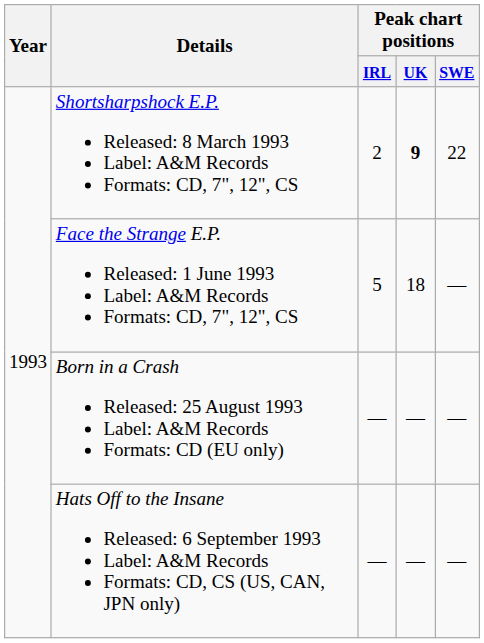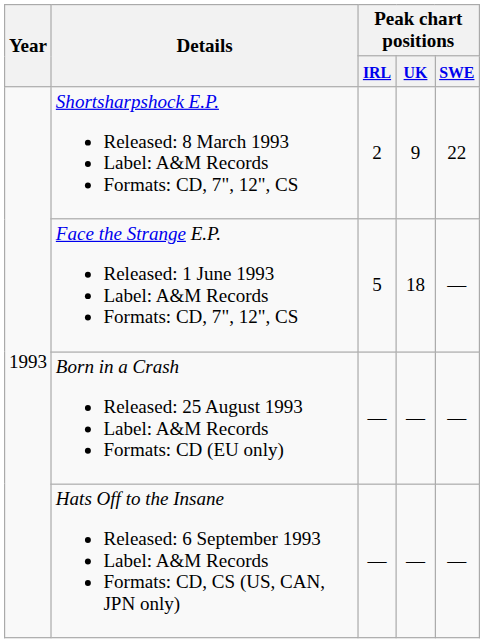 <table class="wikitable">
 <tr>
 <th rowspan="2">Year</th>
 <th rowspan="2" style="width:250px;">Details</th>
 <th colspan="3">Peak chart positions</th>
 </tr>
 <tr>
 <th width="25"><small><a href='#'>IRL</a><br></small></th>
 <th width="25"><small><a href='#'>UK</a><br></small></th>
 <th width="25"><small><a href='#'>SWE</a><br></small></th>
 </tr>
 <tr>
 <td rowspan="4">1993</td>
 <td><em><a href='#'>Shortsharpshock E.P.</a></em><br><ul><li>Released: 8 March 1993</li><li>Label: A&M Records</li><li>Formats: CD, 7", 12", CS</li></ul></td>
 <td style="text-align:center;">2</td>
-<td style="text-align:center;"><strong>9</strong></td>
+<td style="text-align:center;">9</td>
 <td style="text-align:center;">22</td>
 </tr>
 <tr>
 <td><em><a href='#'>Face the Strange</a> E.P.</em><br><ul><li>Released: 1 June 1993</li><li>Label: A&M Records</li><li>Formats: CD, 7", 12", CS</li></ul></td>
 <td style="text-align:center;">5</td>
 <td style="text-align:center;">18</td>
 <td style="text-align:center;">—</td>
 </tr>
 <tr>
 <td><em>Born in a Crash</em><br><ul><li>Released: 25 August 1993</li><li>Label: A&M Records</li><li>Formats: CD (EU only)</li></ul></td>
 <td style="text-align:center;">—</td>
 <td style="text-align:center;">—</td>
 <td style="text-align:center;">—</td>
 </tr>
 <tr>
 <td><em>Hats Off to the Insane</em><br><ul><li>Released: 6 September 1993</li><li>Label: A&M Records</li><li>Formats: CD, CS (US, CAN, JPN only)</li></ul></td>
 <td style="text-align:center;">—</td>
 <td style="text-align:center;">—</td>
 <td style="text-align:center;">—</td>
 </tr>
 </table>
